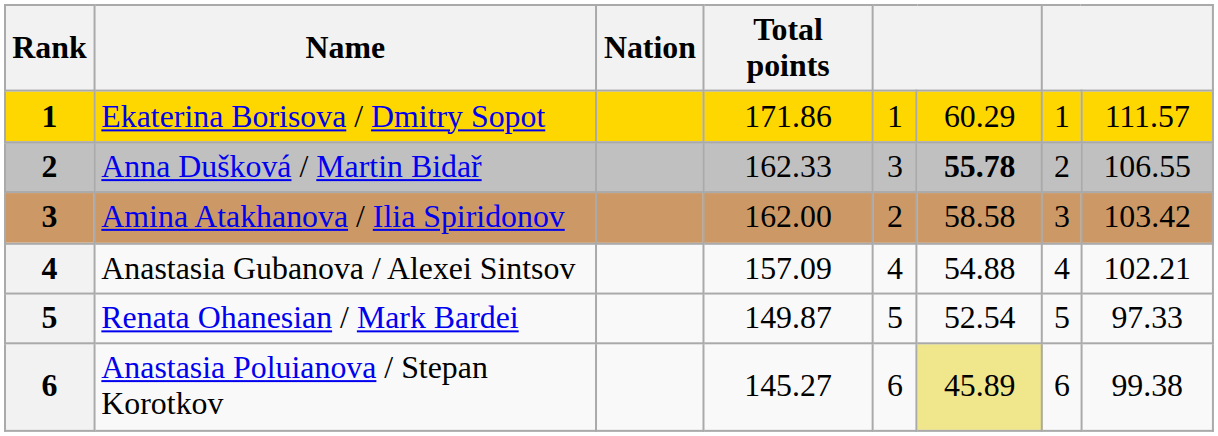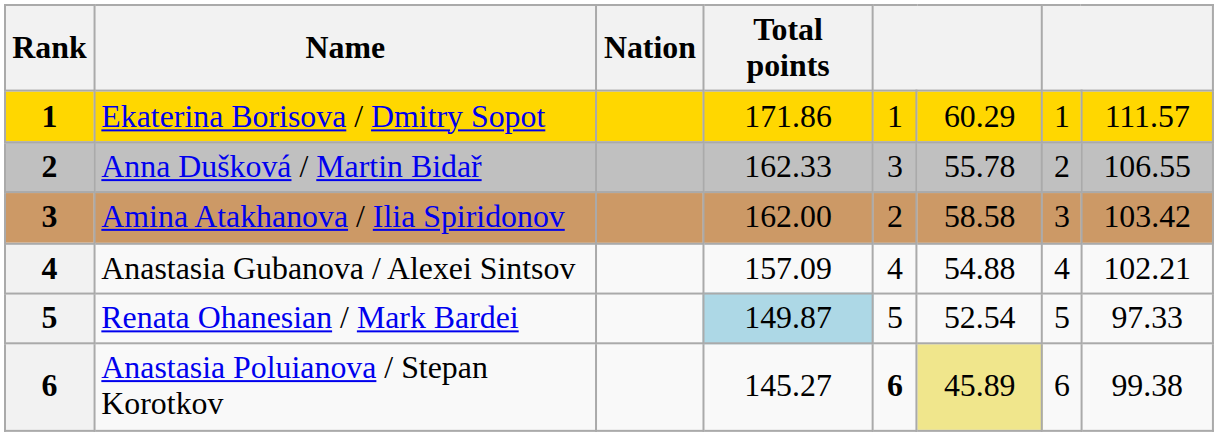 <table class="wikitable sortable">
 <tr>
 <th>Rank</th>
 <th>Name</th>
 <th>Nation</th>
 <th>Total points</th>
 <th colspan="2" width="80px"></th>
 <th colspan="2" width="80px"></th>
 </tr>
 <tr bgcolor="gold">
 <td align="center"><strong>1</strong></td>
 <td><a href='#'>Ekaterina Borisova</a> / <a href='#'>Dmitry Sopot</a></td>
 <td></td>
 <td align="center">171.86</td>
 <td align="center">1</td>
 <td align="center">60.29</td>
 <td align="center">1</td>
 <td align="center">111.57</td>
 </tr>
 <tr bgcolor="silver">
 <td align="center"><strong>2</strong></td>
 <td><a href='#'>Anna Dušková</a> / <a href='#'>Martin Bidař</a></td>
 <td></td>
 <td align="center">162.33</td>
 <td align="center">3</td>
-<td align="center"><strong>55.78</strong></td>
+<td align="center">55.78</td>
 <td align="center">2</td>
 <td align="center">106.55</td>
 </tr>
 <tr bgcolor="cc9966">
 <td align="center"><strong>3</strong></td>
 <td><a href='#'>Amina Atakhanova</a> / <a href='#'>Ilia Spiridonov</a></td>
 <td></td>
 <td align="center">162.00</td>
 <td align="center">2</td>
 <td align="center">58.58</td>
 <td align="center">3</td>
 <td align="center">103.42</td>
 </tr>
 <tr>
 <th>4</th>
 <td>Anastasia Gubanova / Alexei Sintsov</td>
 <td></td>
 <td align="center">157.09</td>
 <td align="center">4</td>
 <td align="center">54.88</td>
 <td align="center">4</td>
 <td align="center">102.21</td>
 </tr>
 <tr>
 <th>5</th>
 <td><a href='#'>Renata Ohanesian</a> / <a href='#'>Mark Bardei</a></td>
 <td></td>
-<td align="center">149.87</td>
+<td align="center" style="background: lightblue;">149.87</td>
 <td align="center">5</td>
 <td align="center">52.54</td>
 <td align="center">5</td>
 <td align="center">97.33</td>
 </tr>
 <tr>
 <th>6</th>
 <td><a href='#'>Anastasia Poluianova</a> / Stepan Korotkov</td>
 <td></td>
 <td align="center">145.27</td>
-<td align="center">6</td>
+<td align="center"><strong>6</strong></td>
 <td align="center" style="background: khaki;">45.89</td>
 <td align="center">6</td>
 <td align="center">99.38</td>
 </tr>
 </table>
